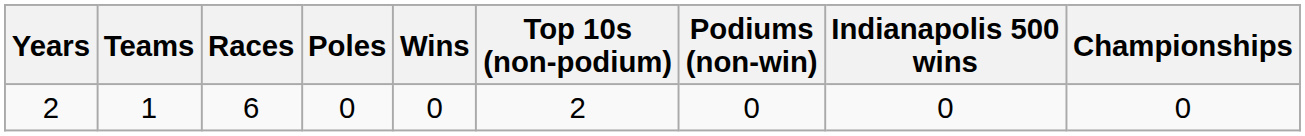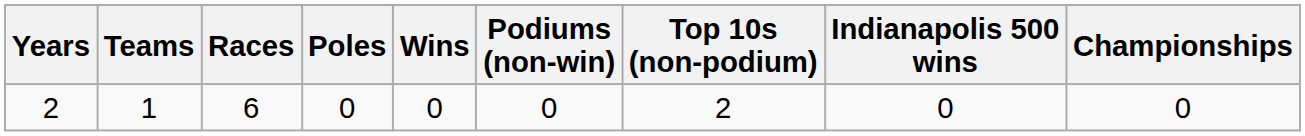 <table class="wikitable" style="text-align:center; font-size:95%">
 <tr>
 <th>Years</th>
 <th>Teams</th>
 <th>Races</th>
 <th>Poles</th>
 <th>Wins</th>
+<th>Podiums<br>(non-win)</th>
 <th>Top 10s<br>(non-podium)</th>
-<th>Podiums<br>(non-win)</th>
 <th>Indianapolis 500<br>wins</th>
 <th>Championships</th>
 </tr>
 <tr>
 <td>2</td>
 <td>1</td>
 <td>6</td>
 <td>0</td>
 <td>0</td>
+<td>0</td>
 <td>2</td>
-<td>0</td>
 <td>0</td>
 <td>0</td>
 </tr>
 </table>
